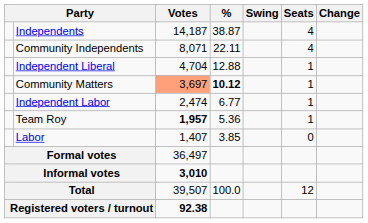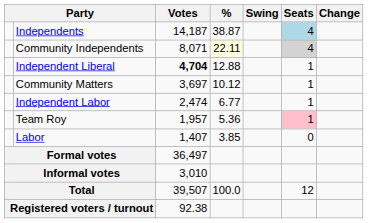 <table class="wikitable" style="text-align:right; margin-bottom:0">
 <tr>
 <th style="width:10px" colspan=3>Party</th>
 <th style="width:70px;">Votes</th>
 <th style="width:40px;">%</th>
 <th style="width:40px;">Swing</th>
 <th style="width:40px;">Seats</th>
 <th style="width:40px;">Change</th>
 </tr>
 <tr>
 <td> </td>
 <td style="text-align:left;" colspan="2"><a href='#'>Independents</a></td>
 <td>14,187</td>
 <td>38.87</td>
 <td></td>
-<td>4</td>
+<td style="background: lightblue;">4</td>
 <td></td>
 </tr>
 <tr>
 <td> </td>
 <td style="text-align:left;" colspan="2">Community Independents</td>
 <td>8,071</td>
-<td>22.11</td>
+<td style="background: lightyellow;">22.11</td>
 <td></td>
-<td>4</td>
+<td style="background: lightgrey;">4</td>
 <td></td>
 </tr>
 <tr>
 <td> </td>
 <td style="text-align:left;" colspan="2"><a href='#'>Independent Liberal</a></td>
-<td>4,704</td>
+<td><strong>4,704</strong></td>
 <td>12.88</td>
 <td></td>
 <td>1</td>
 <td></td>
 </tr>
 <tr>
 <td> </td>
 <td style="text-align:left;" colspan="2">Community Matters</td>
-<td style="background: lightsalmon;">3,697</td>
-<td><strong>10.12</strong></td>
+<td>3,697</td>
+<td>10.12</td>
 <td></td>
 <td>1</td>
 <td></td>
 </tr>
 <tr>
 <td> </td>
 <td style="text-align:left;" colspan="2"><a href='#'>Independent Labor</a></td>
 <td>2,474</td>
 <td>6.77</td>
 <td></td>
 <td>1</td>
 <td></td>
 </tr>
 <tr>
 <td> </td>
 <td style="text-align:left;" colspan="2">Team Roy</td>
-<td><strong>1,957</strong></td>
+<td>1,957</td>
 <td>5.36</td>
 <td></td>
-<td>1</td>
+<td style="background: pink;">1</td>
 <td></td>
 </tr>
 <tr>
 <td> </td>
 <td style="text-align:left;" colspan="2"><a href='#'>Labor</a></td>
 <td>1,407</td>
 <td>3.85</td>
 <td></td>
 <td>0</td>
 <td></td>
 </tr>
 <tr>
 <th colspan="3" rowspan="1"> Formal votes</th>
 <td>36,497</td>
 <td></td>
 <td></td>
 <td></td>
 <td></td>
 </tr>
 <tr>
 <th colspan="3" rowspan="1"> Informal votes</th>
-<td><strong>3,010</strong></td>
+<td>3,010</td>
 <td></td>
 <td></td>
 <td></td>
 <td></td>
 </tr>
 <tr>
 <th colspan="3" rowspan="1"> <strong>Total </strong></th>
 <td>39,507</td>
 <td>100.0</td>
 <td></td>
 <td>12</td>
 <td></td>
 </tr>
 <tr>
 <th colspan="3" rowspan="1"> Registered voters / turnout</th>
-<td><strong>92.38</strong></td>
+<td>92.38</td>
 <td></td>
 <td></td>
 <td></td>
 <td></td>
 </tr>
 </table>
